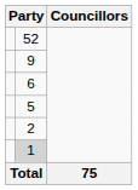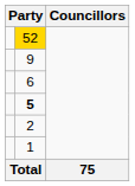 <table class="wikitable">
 <tr>
 <th colspan=2>Party</th>
 <th>Councillors</th>
 </tr>
 <tr>
 <td></td>
-<td align=center>52</td>
+<td align=center style="background: gold;">52</td>
 </tr>
 <tr>
 <td></td>
 <td align=center>9</td>
 </tr>
 <tr>
 <td></td>
 <td align=center>6</td>
 </tr>
 <tr>
 <td></td>
-<td align=center>5</td>
+<td align=center><strong>5</strong></td>
 </tr>
 <tr>
 <td></td>
 <td align=center>2</td>
 </tr>
 <tr>
 <td></td>
-<td align=center style="background: lightgrey;">1</td>
+<td align=center>1</td>
 </tr>
 <tr>
 <th colspan=2>Total</th>
 <th align=center>75</th>
 </tr>
 </table>
